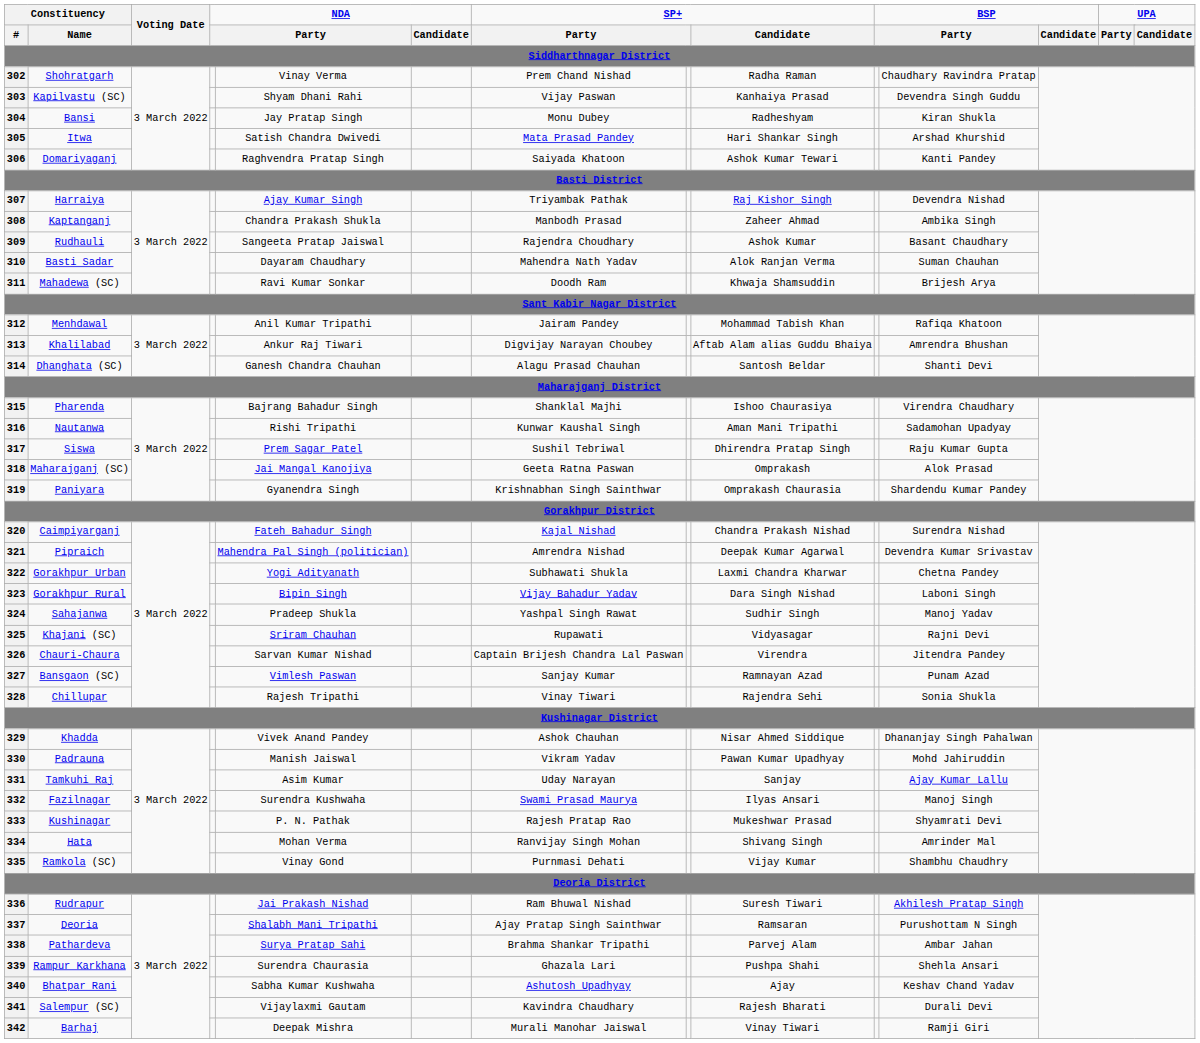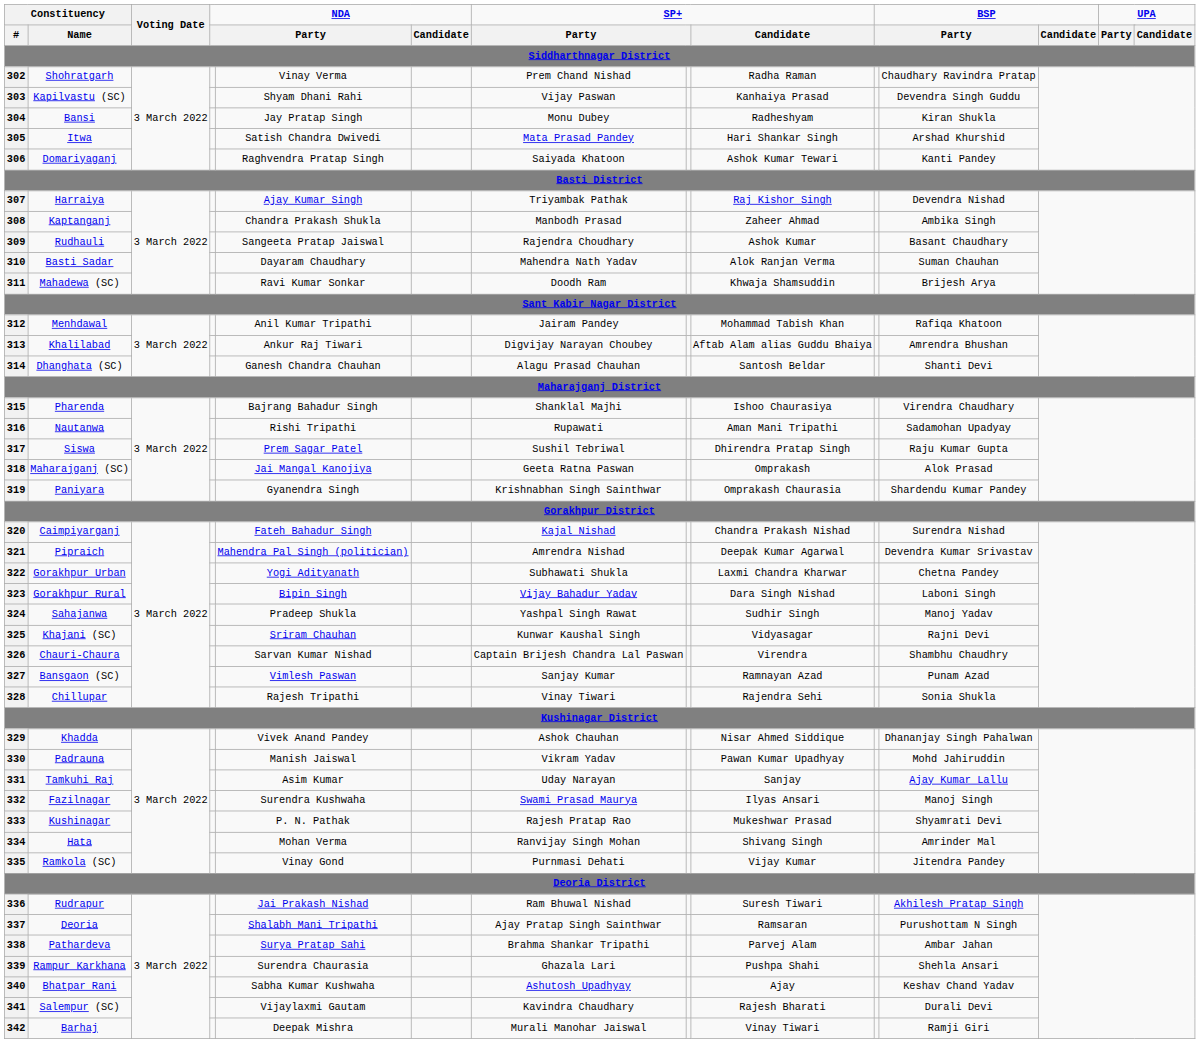 <table class="wikitable sortable mw-collapsible" style="line-height:20px;text-align:center;">
 <tr>
 <th colspan="2">Constituency</th>
 <th rowspan="2">Voting Date</th>
 <td colspan="3"><a href='#'><span><strong>NDA</strong></span></a></td>
 <td colspan="3"><a href='#'><span><strong>SP+</strong></span></a></td>
 <td colspan="3"><a href='#'><span><strong>BSP</strong></span></a></td>
 <td colspan="3"><a href='#'><span><strong>UPA</strong></span></a></td>
 </tr>
 <tr>
 <th>#</th>
 <th>Name</th>
 <th colspan="2">Party</th>
 <th>Candidate</th>
 <th colspan="2">Party</th>
 <th>Candidate</th>
 <th colspan="2">Party</th>
 <th>Candidate</th>
 <th colspan="2">Party</th>
 <th>Candidate</th>
 </tr>
 <tr>
 <td colspan="15" align="center" bgcolor="grey"><a href='#'><span><strong>Siddharthnagar District</strong></span></a></td>
 </tr>
 <tr>
 <th>302</th>
 <td><a href='#'>Shohratgarh</a></td>
 <td rowspan="5">3 March 2022</td>
 <td></td>
 <td>Vinay Verma</td>
 <td></td>
 <td>Prem Chand Nishad</td>
 <td></td>
 <td>Radha Raman</td>
 <td></td>
 <td>Chaudhary Ravindra Pratap</td>
 </tr>
 <tr>
 <th>303</th>
 <td><a href='#'>Kapilvastu</a> (SC)</td>
 <td></td>
 <td>Shyam Dhani Rahi</td>
 <td></td>
 <td>Vijay Paswan</td>
 <td></td>
 <td>Kanhaiya Prasad</td>
 <td></td>
 <td>Devendra Singh Guddu</td>
 </tr>
 <tr>
 <th>304</th>
 <td><a href='#'>Bansi</a></td>
 <td></td>
 <td>Jay Pratap Singh</td>
 <td></td>
 <td>Monu Dubey</td>
 <td></td>
 <td>Radheshyam</td>
 <td></td>
 <td>Kiran Shukla</td>
 </tr>
 <tr>
 <th>305</th>
 <td><a href='#'>Itwa</a></td>
 <td></td>
 <td>Satish Chandra Dwivedi</td>
 <td></td>
 <td><a href='#'>Mata Prasad Pandey</a></td>
 <td></td>
 <td>Hari Shankar Singh</td>
 <td></td>
 <td>Arshad Khurshid</td>
 </tr>
 <tr>
 <th>306</th>
 <td><a href='#'>Domariyaganj</a></td>
 <td></td>
 <td>Raghvendra Pratap Singh</td>
 <td></td>
 <td>Saiyada Khatoon</td>
 <td></td>
 <td>Ashok Kumar Tewari</td>
 <td></td>
 <td>Kanti Pandey</td>
 </tr>
 <tr>
 <td colspan="15" align="center" bgcolor="grey"><a href='#'><span><strong>Basti District</strong></span></a></td>
 </tr>
 <tr>
 <th>307</th>
 <td><a href='#'>Harraiya</a></td>
 <td rowspan="5">3 March 2022</td>
 <td></td>
 <td><a href='#'>Ajay Kumar Singh</a></td>
 <td></td>
 <td>Triyambak Pathak</td>
 <td></td>
 <td><a href='#'>Raj Kishor Singh</a></td>
 <td></td>
 <td>Devendra Nishad</td>
 </tr>
 <tr>
 <th>308</th>
 <td><a href='#'>Kaptanganj</a></td>
 <td></td>
 <td>Chandra Prakash Shukla</td>
 <td></td>
 <td>Manbodh Prasad</td>
 <td></td>
 <td>Zaheer Ahmad</td>
 <td></td>
 <td>Ambika Singh</td>
 </tr>
 <tr>
 <th>309</th>
 <td><a href='#'>Rudhauli</a></td>
 <td></td>
 <td>Sangeeta Pratap Jaiswal</td>
 <td></td>
 <td>Rajendra Choudhary</td>
 <td></td>
 <td>Ashok Kumar</td>
 <td></td>
 <td>Basant Chaudhary</td>
 </tr>
 <tr>
 <th>310</th>
 <td><a href='#'>Basti Sadar</a></td>
 <td></td>
 <td>Dayaram Chaudhary</td>
 <td></td>
 <td>Mahendra Nath Yadav</td>
 <td></td>
 <td>Alok Ranjan Verma</td>
 <td></td>
 <td>Suman Chauhan</td>
 </tr>
 <tr>
 <th>311</th>
 <td><a href='#'>Mahadewa</a> (SC)</td>
 <td></td>
 <td>Ravi Kumar Sonkar</td>
 <td></td>
 <td>Doodh Ram</td>
 <td></td>
 <td>Khwaja Shamsuddin</td>
 <td></td>
 <td>Brijesh Arya</td>
 </tr>
 <tr>
 <td colspan="15" align="center" bgcolor="grey"><a href='#'><span><strong>Sant Kabir Nagar District</strong></span></a></td>
 </tr>
 <tr>
 <th>312</th>
 <td><a href='#'>Menhdawal</a></td>
 <td rowspan="3">3 March 2022</td>
 <td></td>
 <td>Anil Kumar Tripathi</td>
 <td></td>
 <td>Jairam Pandey</td>
 <td></td>
 <td>Mohammad Tabish Khan</td>
 <td></td>
 <td>Rafiqa Khatoon</td>
 </tr>
 <tr>
 <th>313</th>
 <td><a href='#'>Khalilabad</a></td>
 <td></td>
 <td>Ankur Raj Tiwari</td>
 <td></td>
 <td>Digvijay Narayan Choubey</td>
 <td></td>
 <td>Aftab Alam alias Guddu Bhaiya</td>
 <td></td>
 <td>Amrendra Bhushan</td>
 </tr>
 <tr>
 <th>314</th>
 <td><a href='#'>Dhanghata</a> (SC)</td>
 <td></td>
 <td>Ganesh Chandra Chauhan</td>
 <td></td>
 <td>Alagu Prasad Chauhan</td>
 <td></td>
 <td>Santosh Beldar</td>
 <td></td>
 <td>Shanti Devi</td>
 </tr>
 <tr>
 <td colspan="15" align="center" bgcolor="grey"><a href='#'><span><strong>Maharajganj District</strong></span></a></td>
 </tr>
 <tr>
 <th>315</th>
 <td><a href='#'>Pharenda</a></td>
 <td rowspan="5">3 March 2022</td>
 <td></td>
 <td>Bajrang Bahadur Singh</td>
 <td></td>
 <td>Shanklal Majhi</td>
 <td></td>
 <td>Ishoo Chaurasiya</td>
 <td></td>
 <td>Virendra Chaudhary</td>
 </tr>
 <tr>
 <th>316</th>
 <td><a href='#'>Nautanwa</a></td>
 <td></td>
 <td>Rishi Tripathi</td>
 <td></td>
-<td>Kunwar Kaushal Singh</td>
+<td>Rupawati</td>
 <td></td>
 <td>Aman Mani Tripathi</td>
 <td></td>
 <td>Sadamohan Upadyay</td>
 </tr>
 <tr>
 <th>317</th>
 <td><a href='#'>Siswa</a></td>
 <td></td>
 <td><a href='#'>Prem Sagar Patel</a></td>
 <td></td>
 <td>Sushil Tebriwal</td>
 <td></td>
 <td>Dhirendra Pratap Singh</td>
 <td></td>
 <td>Raju Kumar Gupta</td>
 </tr>
 <tr>
 <th>318</th>
 <td><a href='#'>Maharajganj</a> (SC)</td>
 <td></td>
 <td><a href='#'>Jai Mangal Kanojiya</a></td>
 <td></td>
 <td>Geeta Ratna Paswan</td>
 <td></td>
 <td>Omprakash</td>
 <td></td>
 <td>Alok Prasad</td>
 </tr>
 <tr>
 <th>319</th>
 <td><a href='#'>Paniyara</a></td>
 <td></td>
 <td>Gyanendra Singh</td>
 <td></td>
 <td>Krishnabhan Singh Sainthwar</td>
 <td></td>
 <td>Omprakash Chaurasia</td>
 <td></td>
 <td>Shardendu Kumar Pandey</td>
 </tr>
 <tr>
 <td colspan="15" align="center" bgcolor="grey"><a href='#'><span><strong>Gorakhpur District</strong></span></a></td>
 </tr>
 <tr>
 <th>320</th>
 <td><a href='#'>Caimpiyarganj</a></td>
 <td rowspan="9">3 March 2022</td>
 <td></td>
 <td><a href='#'>Fateh Bahadur Singh</a></td>
 <td></td>
 <td><a href='#'>Kajal Nishad</a></td>
 <td></td>
 <td>Chandra Prakash Nishad</td>
 <td></td>
 <td>Surendra Nishad</td>
 </tr>
 <tr>
 <th>321</th>
 <td><a href='#'>Pipraich</a></td>
 <td></td>
 <td><a href='#'>Mahendra Pal Singh (politician)</a></td>
 <td></td>
 <td>Amrendra Nishad</td>
 <td></td>
 <td>Deepak Kumar Agarwal</td>
 <td></td>
 <td>Devendra Kumar Srivastav</td>
 </tr>
 <tr>
 <th>322</th>
 <td><a href='#'>Gorakhpur Urban</a></td>
 <td></td>
 <td><a href='#'>Yogi Adityanath</a></td>
 <td></td>
 <td>Subhawati Shukla</td>
 <td></td>
 <td>Laxmi Chandra Kharwar</td>
 <td></td>
 <td>Chetna Pandey</td>
 </tr>
 <tr>
 <th>323</th>
 <td><a href='#'>Gorakhpur Rural</a></td>
 <td></td>
 <td><a href='#'>Bipin Singh</a></td>
 <td></td>
 <td><a href='#'>Vijay Bahadur Yadav</a></td>
 <td></td>
 <td>Dara Singh Nishad</td>
 <td></td>
 <td>Laboni Singh</td>
 </tr>
 <tr>
 <th>324</th>
 <td><a href='#'>Sahajanwa</a></td>
 <td></td>
 <td>Pradeep Shukla</td>
 <td></td>
 <td>Yashpal Singh Rawat</td>
 <td></td>
 <td>Sudhir Singh</td>
 <td></td>
 <td>Manoj Yadav</td>
 </tr>
 <tr>
 <th>325</th>
 <td><a href='#'>Khajani</a> (SC)</td>
 <td></td>
 <td><a href='#'>Sriram Chauhan</a></td>
 <td></td>
-<td>Rupawati</td>
+<td>Kunwar Kaushal Singh</td>
 <td></td>
 <td>Vidyasagar</td>
 <td></td>
 <td>Rajni Devi</td>
 </tr>
 <tr>
 <th>326</th>
 <td><a href='#'>Chauri-Chaura</a></td>
 <td></td>
 <td>Sarvan Kumar Nishad</td>
 <td></td>
 <td>Captain Brijesh Chandra Lal Paswan</td>
 <td></td>
 <td>Virendra</td>
 <td></td>
-<td>Jitendra Pandey</td>
+<td>Shambhu Chaudhry</td>
 </tr>
 <tr>
 <th>327</th>
 <td><a href='#'>Bansgaon</a> (SC)</td>
 <td></td>
 <td><a href='#'>Vimlesh Paswan</a></td>
 <td></td>
 <td>Sanjay Kumar</td>
 <td></td>
 <td>Ramnayan Azad</td>
 <td></td>
 <td>Punam Azad</td>
 </tr>
 <tr>
 <th>328</th>
 <td><a href='#'>Chillupar</a></td>
 <td></td>
 <td>Rajesh Tripathi</td>
 <td></td>
 <td>Vinay Tiwari</td>
 <td></td>
 <td>Rajendra Sehi</td>
 <td></td>
 <td>Sonia Shukla</td>
 </tr>
 <tr>
 <td colspan="15" align="center" bgcolor="grey"><a href='#'><span><strong>Kushinagar District</strong></span></a></td>
 </tr>
 <tr>
 <th>329</th>
 <td><a href='#'>Khadda</a></td>
 <td rowspan="7">3 March 2022</td>
 <td></td>
 <td>Vivek Anand Pandey</td>
 <td></td>
 <td>Ashok Chauhan</td>
 <td></td>
 <td>Nisar Ahmed Siddique</td>
 <td></td>
 <td>Dhananjay Singh Pahalwan</td>
 </tr>
 <tr>
 <th>330</th>
 <td><a href='#'>Padrauna</a></td>
 <td></td>
 <td>Manish Jaiswal</td>
 <td></td>
 <td>Vikram Yadav</td>
 <td></td>
 <td>Pawan Kumar Upadhyay</td>
 <td></td>
 <td>Mohd Jahiruddin</td>
 </tr>
 <tr>
 <th>331</th>
 <td><a href='#'>Tamkuhi Raj</a></td>
 <td></td>
 <td>Asim Kumar</td>
 <td></td>
 <td>Uday Narayan</td>
 <td></td>
 <td>Sanjay</td>
 <td></td>
 <td><a href='#'>Ajay Kumar Lallu</a></td>
 </tr>
 <tr>
 <th>332</th>
 <td><a href='#'>Fazilnagar</a></td>
 <td></td>
 <td>Surendra Kushwaha</td>
 <td></td>
 <td><a href='#'>Swami Prasad Maurya</a></td>
 <td></td>
 <td>Ilyas Ansari</td>
 <td></td>
 <td>Manoj Singh</td>
 </tr>
 <tr>
 <th>333</th>
 <td><a href='#'>Kushinagar</a></td>
 <td></td>
 <td>P. N. Pathak</td>
 <td></td>
 <td>Rajesh Pratap Rao</td>
 <td></td>
 <td>Mukeshwar Prasad</td>
 <td></td>
 <td>Shyamrati Devi</td>
 </tr>
 <tr>
 <th>334</th>
 <td><a href='#'>Hata</a></td>
 <td></td>
 <td>Mohan Verma</td>
 <td></td>
 <td>Ranvijay Singh Mohan</td>
 <td></td>
 <td>Shivang Singh</td>
 <td></td>
 <td>Amrinder Mal</td>
 </tr>
 <tr>
 <th>335</th>
 <td><a href='#'>Ramkola</a> (SC)</td>
 <td></td>
 <td>Vinay Gond</td>
 <td></td>
 <td>Purnmasi Dehati</td>
 <td></td>
 <td>Vijay Kumar</td>
 <td></td>
-<td>Shambhu Chaudhry</td>
+<td>Jitendra Pandey</td>
 </tr>
 <tr>
 <td colspan="15" align="center" bgcolor="grey"><a href='#'><span><strong>Deoria District</strong></span></a></td>
 </tr>
 <tr>
 <th>336</th>
 <td><a href='#'>Rudrapur</a></td>
 <td rowspan="7">3 March 2022</td>
 <td></td>
 <td><a href='#'>Jai Prakash Nishad</a></td>
 <td></td>
 <td>Ram Bhuwal Nishad</td>
 <td></td>
 <td>Suresh Tiwari</td>
 <td></td>
 <td><a href='#'>Akhilesh Pratap Singh</a></td>
 </tr>
 <tr>
 <th>337</th>
 <td><a href='#'>Deoria</a></td>
 <td></td>
 <td><a href='#'>Shalabh Mani Tripathi</a></td>
 <td></td>
 <td>Ajay Pratap Singh Sainthwar</td>
 <td></td>
 <td>Ramsaran</td>
 <td></td>
 <td>Purushottam N Singh</td>
 </tr>
 <tr>
 <th>338</th>
 <td><a href='#'>Pathardeva</a></td>
 <td></td>
 <td><a href='#'>Surya Pratap Sahi</a></td>
 <td></td>
 <td>Brahma Shankar Tripathi</td>
 <td></td>
 <td>Parvej Alam</td>
 <td></td>
 <td>Ambar Jahan</td>
 </tr>
 <tr>
 <th>339</th>
 <td><a href='#'>Rampur Karkhana</a></td>
 <td></td>
 <td>Surendra Chaurasia</td>
 <td></td>
 <td>Ghazala Lari</td>
 <td></td>
 <td>Pushpa Shahi</td>
 <td></td>
 <td>Shehla Ansari</td>
 </tr>
 <tr>
 <th>340</th>
 <td><a href='#'>Bhatpar Rani</a></td>
 <td></td>
 <td>Sabha Kumar Kushwaha</td>
 <td></td>
 <td><a href='#'>Ashutosh Upadhyay</a></td>
 <td></td>
 <td>Ajay</td>
 <td></td>
 <td>Keshav Chand Yadav</td>
 </tr>
 <tr>
 <th>341</th>
 <td><a href='#'>Salempur</a> (SC)</td>
 <td></td>
 <td>Vijaylaxmi Gautam</td>
 <td></td>
 <td>Kavindra Chaudhary</td>
 <td></td>
 <td>Rajesh Bharati</td>
 <td></td>
 <td>Durali Devi</td>
 </tr>
 <tr>
 <th>342</th>
 <td><a href='#'>Barhaj</a></td>
 <td></td>
 <td>Deepak Mishra</td>
 <td></td>
 <td>Murali Manohar Jaiswal</td>
 <td></td>
 <td>Vinay  Tiwari</td>
 <td></td>
 <td>Ramji Giri</td>
 </tr>
 </table>
